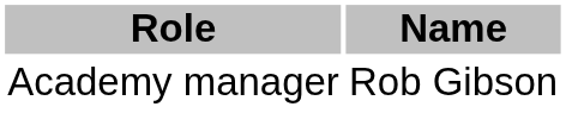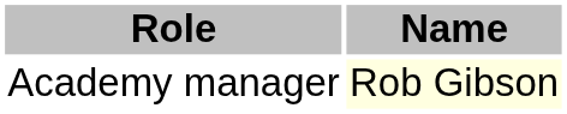 <table class="toccolours">
 <tr>
 <th style="background:silver;">Role</th>
 <th style="background:silver;">Name</th>
 </tr>
 <tr>
 <td>Academy manager</td>
-<td> Rob Gibson</td>
+<td style="background: lightyellow;"> Rob Gibson</td>
 </tr>
 <tr>
 </tr>
 </table>
